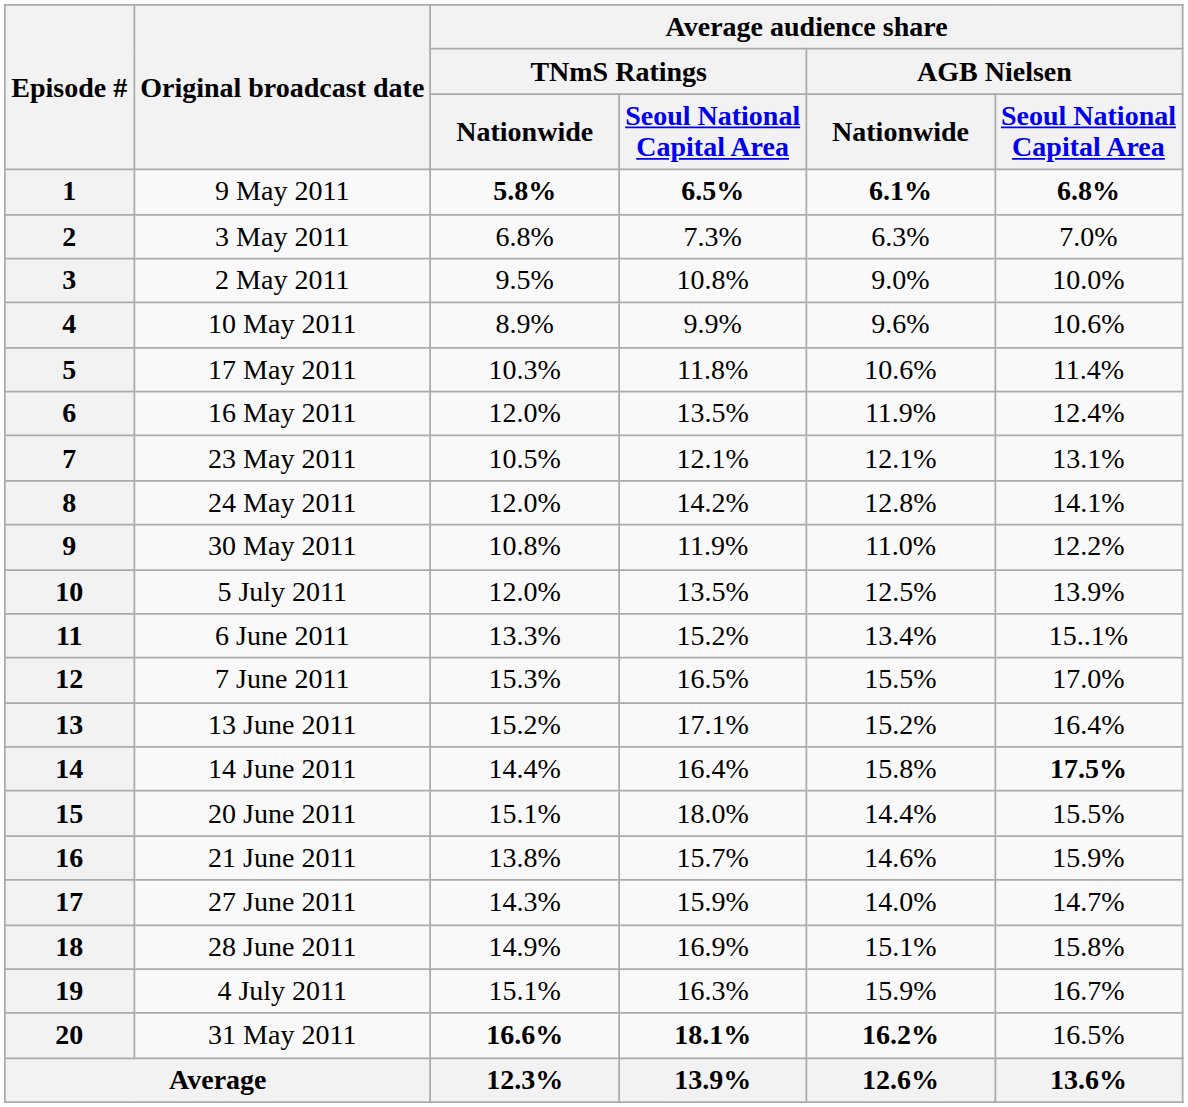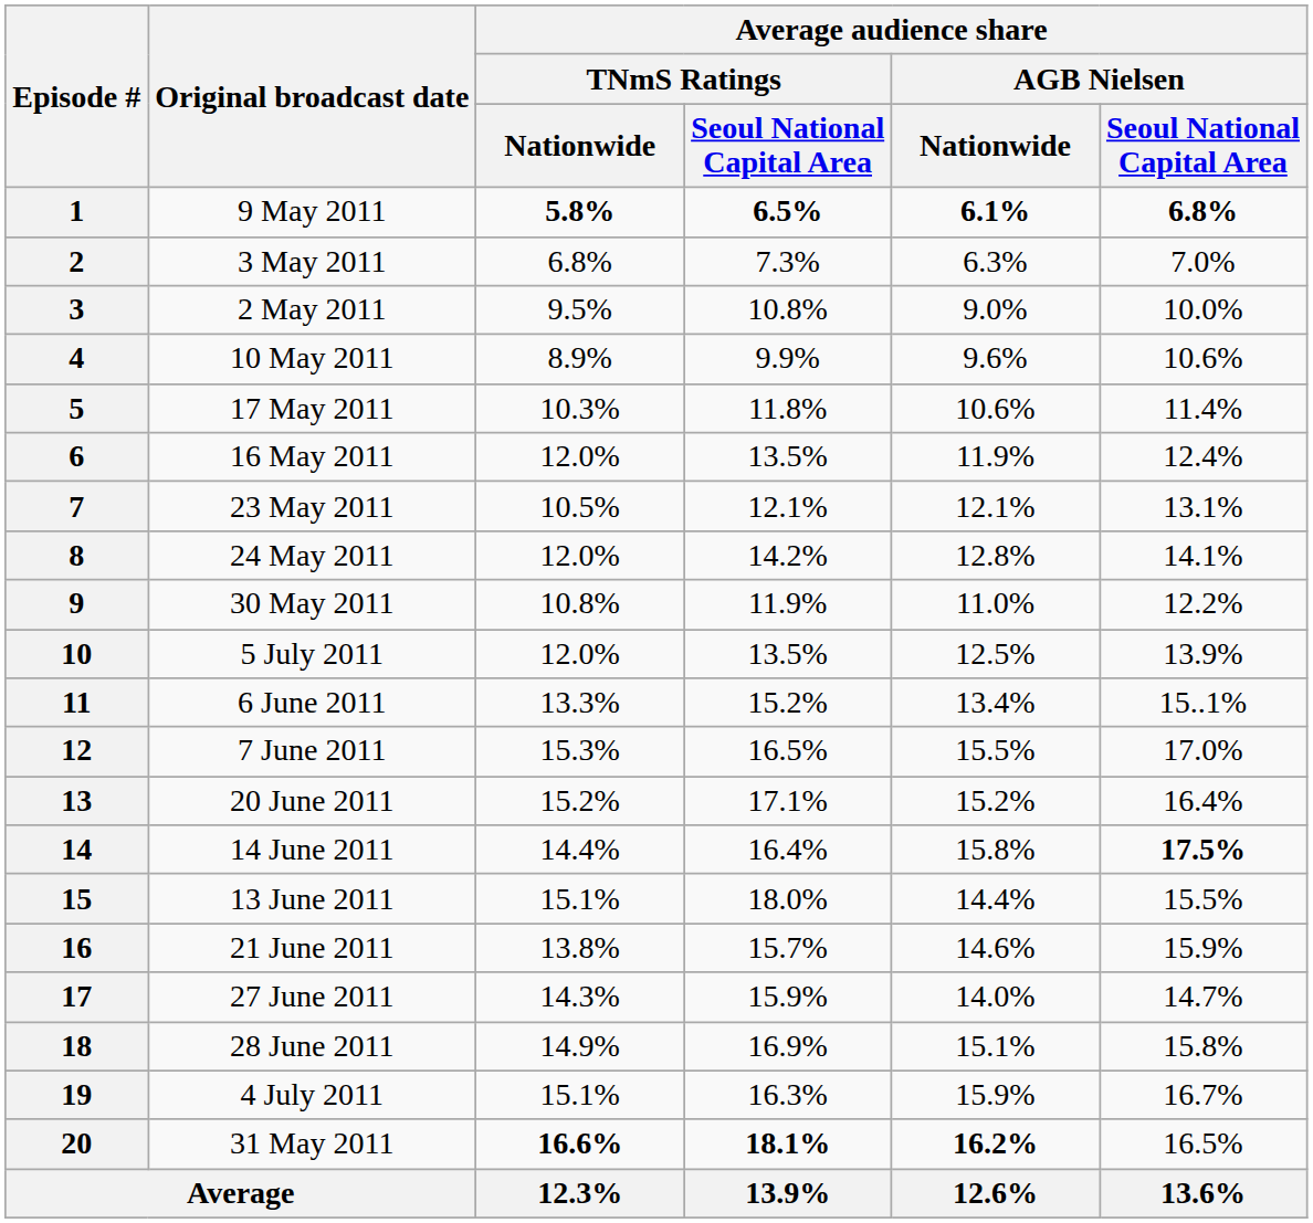 <table class=wikitable style="text-align:center">
 <tr>
 <th rowspan="3">Episode #</th>
 <th rowspan="3">Original broadcast date</th>
 <th colspan="4">Average audience share</th>
 </tr>
 <tr>
 <th colspan="2">TNmS Ratings</th>
 <th colspan="2">AGB Nielsen</th>
 </tr>
 <tr>
 <th width=100>Nationwide</th>
 <th width=100><a href='#'>Seoul National Capital Area</a></th>
 <th width=100>Nationwide</th>
 <th width=100><a href='#'>Seoul National Capital Area</a></th>
 </tr>
 <tr>
 <th>1</th>
 <td>9 May 2011</td>
 <td><span><strong>5.8%</strong></span></td>
 <td><span><strong>6.5%</strong></span></td>
 <td><span><strong>6.1%</strong></span></td>
 <td><span><strong>6.8%</strong></span></td>
 </tr>
 <tr>
 <th>2</th>
 <td>3 May 2011</td>
 <td>6.8%</td>
 <td>7.3%</td>
 <td>6.3%</td>
 <td>7.0%</td>
 </tr>
 <tr>
 <th>3</th>
 <td>2 May 2011</td>
 <td>9.5%</td>
 <td>10.8%</td>
 <td>9.0%</td>
 <td>10.0%</td>
 </tr>
 <tr>
 <th>4</th>
 <td>10 May 2011</td>
 <td>8.9%</td>
 <td>9.9%</td>
 <td>9.6%</td>
 <td>10.6%</td>
 </tr>
 <tr>
 <th>5</th>
 <td>17 May 2011</td>
 <td>10.3%</td>
 <td>11.8%</td>
 <td>10.6%</td>
 <td>11.4%</td>
 </tr>
 <tr>
 <th>6</th>
 <td>16 May 2011</td>
 <td>12.0%</td>
 <td>13.5%</td>
 <td>11.9%</td>
 <td>12.4%</td>
 </tr>
 <tr>
 <th>7</th>
 <td>23 May 2011</td>
 <td>10.5%</td>
 <td>12.1%</td>
 <td>12.1%</td>
 <td>13.1%</td>
 </tr>
 <tr>
 <th>8</th>
 <td>24 May 2011</td>
 <td>12.0%</td>
 <td>14.2%</td>
 <td>12.8%</td>
 <td>14.1%</td>
 </tr>
 <tr>
 <th>9</th>
 <td>30 May 2011</td>
 <td>10.8%</td>
 <td>11.9%</td>
 <td>11.0%</td>
 <td>12.2%</td>
 </tr>
 <tr>
 <th>10</th>
 <td>5 July 2011</td>
 <td>12.0%</td>
 <td>13.5%</td>
 <td>12.5%</td>
 <td>13.9%</td>
 </tr>
 <tr>
 <th>11</th>
 <td>6 June 2011</td>
 <td>13.3%</td>
 <td>15.2%</td>
 <td>13.4%</td>
 <td>15..1%</td>
 </tr>
 <tr>
 <th>12</th>
 <td>7 June 2011</td>
 <td>15.3%</td>
 <td>16.5%</td>
 <td>15.5%</td>
 <td>17.0%</td>
 </tr>
 <tr>
 <th>13</th>
-<td>13 June 2011</td>
+<td>20 June 2011</td>
 <td>15.2%</td>
 <td>17.1%</td>
 <td>15.2%</td>
 <td>16.4%</td>
 </tr>
 <tr>
 <th>14</th>
 <td>14 June 2011</td>
 <td>14.4%</td>
 <td>16.4%</td>
 <td>15.8%</td>
 <td><span><strong>17.5%</strong></span></td>
 </tr>
 <tr>
 <th>15</th>
-<td>20 June 2011</td>
+<td>13 June 2011</td>
 <td>15.1%</td>
 <td>18.0%</td>
 <td>14.4%</td>
 <td>15.5%</td>
 </tr>
 <tr>
 <th>16</th>
 <td>21 June 2011</td>
 <td>13.8%</td>
 <td>15.7%</td>
 <td>14.6%</td>
 <td>15.9%</td>
 </tr>
 <tr>
 <th>17</th>
 <td>27 June 2011</td>
 <td>14.3%</td>
 <td>15.9%</td>
 <td>14.0%</td>
 <td>14.7%</td>
 </tr>
 <tr>
 <th>18</th>
 <td>28 June 2011</td>
 <td>14.9%</td>
 <td>16.9%</td>
 <td>15.1%</td>
 <td>15.8%</td>
 </tr>
 <tr>
 <th>19</th>
 <td>4 July 2011</td>
 <td>15.1%</td>
 <td>16.3%</td>
 <td>15.9%</td>
 <td>16.7%</td>
 </tr>
 <tr>
 <th>20</th>
 <td>31 May 2011</td>
 <td><span><strong>16.6%</strong></span></td>
 <td><span><strong>18.1%</strong></span></td>
 <td><span><strong>16.2%</strong></span></td>
 <td>16.5%</td>
 </tr>
 <tr>
 <th colspan=2>Average</th>
 <th>12.3%</th>
 <th>13.9%</th>
 <th>12.6%</th>
 <th>13.6%</th>
 </tr>
 </table>
